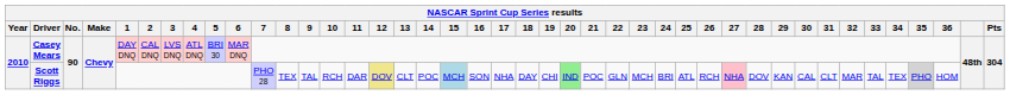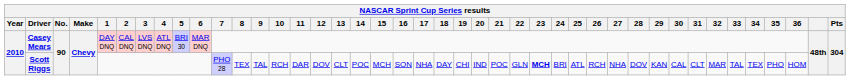 <table class="wikitable" style="text-align:center; font-size:75%">
 <tr>
 <th colspan=45><a href='#'>NASCAR Sprint Cup Series</a> results</th>
 </tr>
 <tr>
 <th>Year</th>
 <th>Driver</th>
 <th>No.</th>
 <th>Make</th>
 <th>1</th>
 <th>2</th>
 <th>3</th>
 <th>4</th>
 <th>5</th>
 <th>6</th>
 <th>7</th>
 <th>8</th>
 <th>9</th>
 <th>10</th>
 <th>11</th>
 <th>12</th>
 <th>13</th>
 <th>14</th>
 <th>15</th>
 <th>16</th>
 <th>17</th>
 <th>18</th>
 <th>19</th>
 <th>20</th>
 <th>21</th>
 <th>22</th>
 <th>23</th>
 <th>24</th>
 <th>25</th>
 <th>26</th>
 <th>27</th>
 <th>28</th>
 <th>29</th>
 <th>30</th>
 <th>31</th>
 <th>32</th>
 <th>33</th>
 <th>34</th>
 <th>35</th>
 <th>36</th>
 <th></th>
 <th>Pts</th>
 </tr>
 <tr>
 <th rowspan=2><a href='#'>2010</a></th>
 <th><a href='#'>Casey Mears</a></th>
 <th rowspan=2>90</th>
 <th rowspan=2><a href='#'>Chevy</a></th>
 <td style="background:#FFCFCF;"><a href='#'>DAY</a><br><small>DNQ</small></td>
 <td style="background:#FFCFCF;"><a href='#'>CAL</a><br><small>DNQ</small></td>
 <td style="background:#FFCFCF;"><a href='#'>LVS</a><br><small>DNQ</small></td>
 <td style="background:#FFCFCF;"><a href='#'>ATL</a><br><small>DNQ</small></td>
 <td style="background:#CFCFFF;"><a href='#'>BRI</a><br><small>30</small></td>
 <td style="background:#FFCFCF;"><a href='#'>MAR</a><br><small>DNQ</small></td>
 <td colspan=30></td>
 <th rowspan=2>48th</th>
 <th rowspan=2>304</th>
 </tr>
 <tr>
 <th><a href='#'>Scott Riggs</a></th>
 <td colspan=6></td>
 <td style="background:#CFCFFF;"><a href='#'>PHO</a><br><small>28</small></td>
 <td><a href='#'>TEX</a></td>
 <td><a href='#'>TAL</a></td>
 <td><a href='#'>RCH</a></td>
 <td><a href='#'>DAR</a></td>
-<td style="background: khaki;"><a href='#'>DOV</a></td>
+<td><a href='#'>DOV</a></td>
 <td><a href='#'>CLT</a></td>
 <td><a href='#'>POC</a></td>
-<td style="background: lightblue;"><a href='#'>MCH</a></td>
+<td><a href='#'>MCH</a></td>
 <td><a href='#'>SON</a></td>
 <td><a href='#'>NHA</a></td>
 <td><a href='#'>DAY</a></td>
 <td><a href='#'>CHI</a></td>
-<td style="background: lightgreen;"><a href='#'>IND</a></td>
+<td><a href='#'>IND</a></td>
 <td><a href='#'>POC</a></td>
 <td><a href='#'>GLN</a></td>
-<td><a href='#'>MCH</a></td>
+<td><strong><a href='#'>MCH</a></strong></td>
 <td><a href='#'>BRI</a></td>
 <td><a href='#'>ATL</a></td>
 <td><a href='#'>RCH</a></td>
-<td style="background: pink;"><a href='#'>NHA</a></td>
+<td><a href='#'>NHA</a></td>
 <td><a href='#'>DOV</a></td>
 <td><a href='#'>KAN</a></td>
 <td><a href='#'>CAL</a></td>
 <td><a href='#'>CLT</a></td>
 <td><a href='#'>MAR</a></td>
 <td><a href='#'>TAL</a></td>
 <td><a href='#'>TEX</a></td>
-<td style="background: lightgrey;"><a href='#'>PHO</a></td>
+<td><a href='#'>PHO</a></td>
 <td><a href='#'>HOM</a></td>
 </tr>
 </table>
